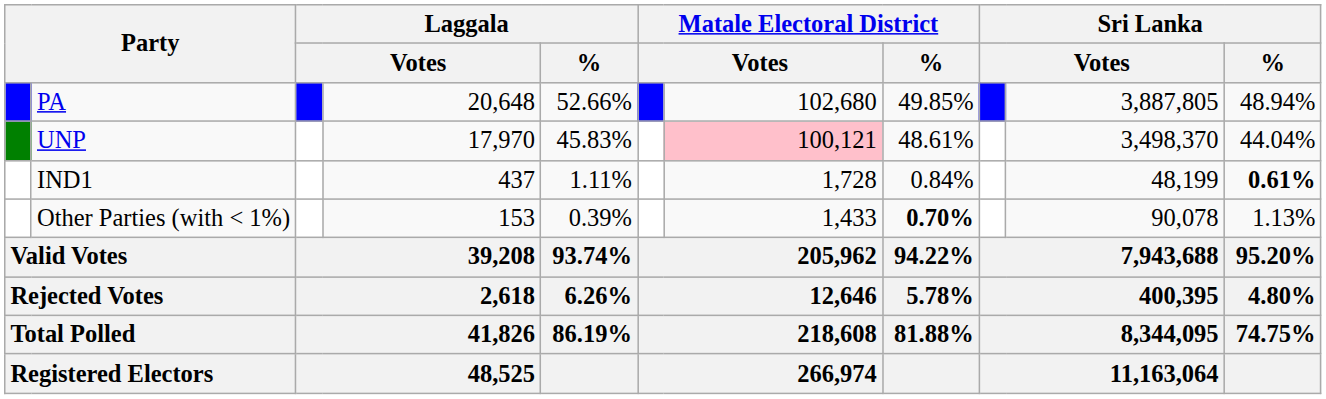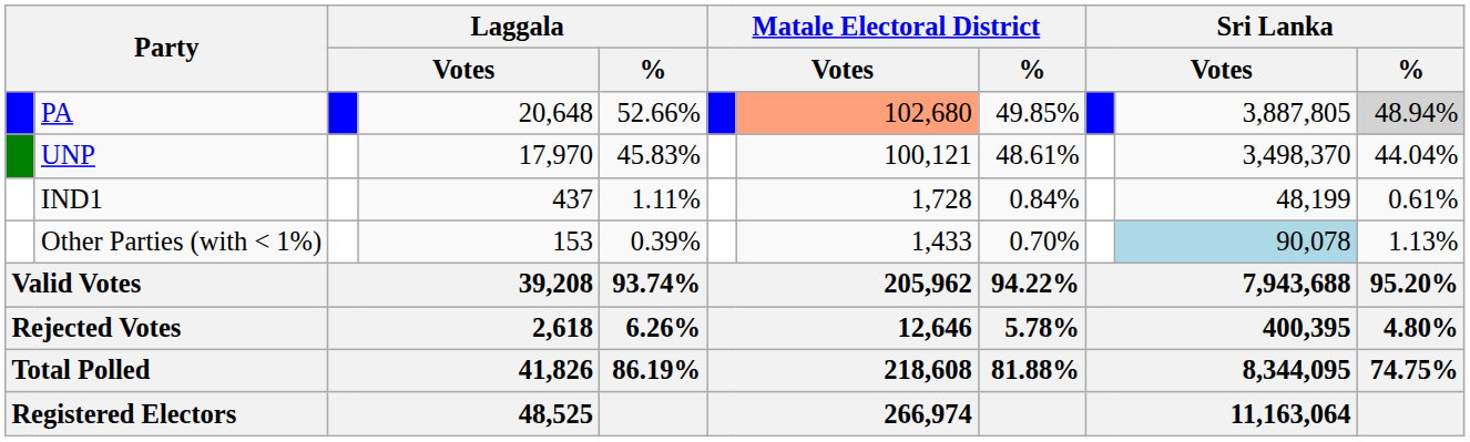 <table class="wikitable">
 <tr>
 <th colspan="2" width="144px"rowspan="2">Party</th>
 <th colspan="3" width="216px">Laggala</th>
 <th colspan="3" width="216px"><a href='#'>Matale Electoral District</a></th>
 <th colspan="3" width="216px">Sri Lanka</th>
 </tr>
 <tr>
 <th colspan="2" width="144px">Votes</th>
 <th>%</th>
 <th colspan="2" width="144px">Votes</th>
 <th>%</th>
 <th colspan="2" width="144px">Votes</th>
 <th>%</th>
 </tr>
 <tr>
 <td style="background-color:blue;" width="10px"></td>
 <td style="text-align:left;"><a href='#'>PA</a></td>
 <td style="background-color:blue;" width="10px"></td>
 <td style="text-align:right;">20,648</td>
 <td style="text-align:right;">52.66%</td>
 <td style="background-color:blue;" width="10px"></td>
-<td style="text-align:right;">102,680</td>
+<td style="background: lightsalmon; text-align:right;">102,680</td>
 <td style="text-align:right;">49.85%</td>
 <td style="background-color:blue;" width="10px"></td>
 <td style="text-align:right;">3,887,805</td>
-<td style="text-align:right;">48.94%</td>
+<td style="background: lightgrey; text-align:right;">48.94%</td>
 </tr>
 <tr>
 <td style="background-color:green;" width="10px"></td>
 <td style="text-align:left;"><a href='#'>UNP</a></td>
 <td style="background-color:white;" width="10px"></td>
 <td style="text-align:right;">17,970</td>
 <td style="text-align:right;">45.83%</td>
 <td style="background-color:white;" width="10px"></td>
-<td style="background: pink; text-align:right;">100,121</td>
+<td style="text-align:right;">100,121</td>
 <td style="text-align:right;">48.61%</td>
 <td style="background-color:white;" width="10px"></td>
 <td style="text-align:right;">3,498,370</td>
 <td style="text-align:right;">44.04%</td>
 </tr>
 <tr>
 <td style="background-color:white;" width="10px"></td>
 <td style="text-align:left;">IND1</td>
 <td style="background-color:white;" width="10px"></td>
 <td style="text-align:right;">437</td>
 <td style="text-align:right;">1.11%</td>
 <td style="background-color:white;" width="10px"></td>
 <td style="text-align:right;">1,728</td>
 <td style="text-align:right;">0.84%</td>
 <td style="background-color:white;" width="10px"></td>
 <td style="text-align:right;">48,199</td>
-<td style="text-align:right;"><strong>0.61%</strong></td>
+<td style="text-align:right;">0.61%</td>
 </tr>
 <tr>
 <td style="background-color:white;" width="10px"></td>
 <td style="text-align:left;">Other Parties (with < 1%)</td>
 <td style="background-color:white;" width="10px"></td>
 <td style="text-align:right;">153</td>
 <td style="text-align:right;">0.39%</td>
 <td style="background-color:white;" width="10px"></td>
 <td style="text-align:right;">1,433</td>
-<td style="text-align:right;"><strong>0.70%</strong></td>
+<td style="text-align:right;">0.70%</td>
 <td style="background-color:white;" width="10px"></td>
-<td style="text-align:right;">90,078</td>
+<td style="background: lightblue; text-align:right;">90,078</td>
 <td style="text-align:right;">1.13%</td>
 </tr>
 <tr>
 <th colspan="2" width="144px"style="text-align:left;">Valid Votes</th>
 <th style="text-align:right;"colspan="2" width="144px">39,208</th>
 <th style="text-align:right;">93.74%</th>
 <th style="text-align:right;"colspan="2" width="144px">205,962</th>
 <th style="text-align:right;">94.22%</th>
 <th style="text-align:right;"colspan="2" width="144px">7,943,688</th>
 <th style="text-align:right;">95.20%</th>
 </tr>
 <tr>
 <th colspan="2" width="144px"style="text-align:left;">Rejected Votes</th>
 <th style="text-align:right;"colspan="2" width="144px">2,618</th>
 <th style="text-align:right;">6.26%</th>
 <th style="text-align:right;"colspan="2" width="144px">12,646</th>
 <th style="text-align:right;">5.78%</th>
 <th style="text-align:right;"colspan="2" width="144px">400,395</th>
 <th style="text-align:right;">4.80%</th>
 </tr>
 <tr>
 <th colspan="2" width="144px"style="text-align:left;">Total Polled</th>
 <th style="text-align:right;"colspan="2" width="144px">41,826</th>
 <th style="text-align:right;">86.19%</th>
 <th style="text-align:right;"colspan="2" width="144px">218,608</th>
 <th style="text-align:right;">81.88%</th>
 <th style="text-align:right;"colspan="2" width="144px">8,344,095</th>
 <th style="text-align:right;">74.75%</th>
 </tr>
 <tr>
 <th colspan="2" width="144px"style="text-align:left;">Registered Electors</th>
 <th style="text-align:right;"colspan="2" width="144px">48,525</th>
 <th></th>
 <th style="text-align:right;"colspan="2" width="144px">266,974</th>
 <th></th>
 <th style="text-align:right;"colspan="2" width="144px">11,163,064</th>
 <th></th>
 </tr>
 </table>
